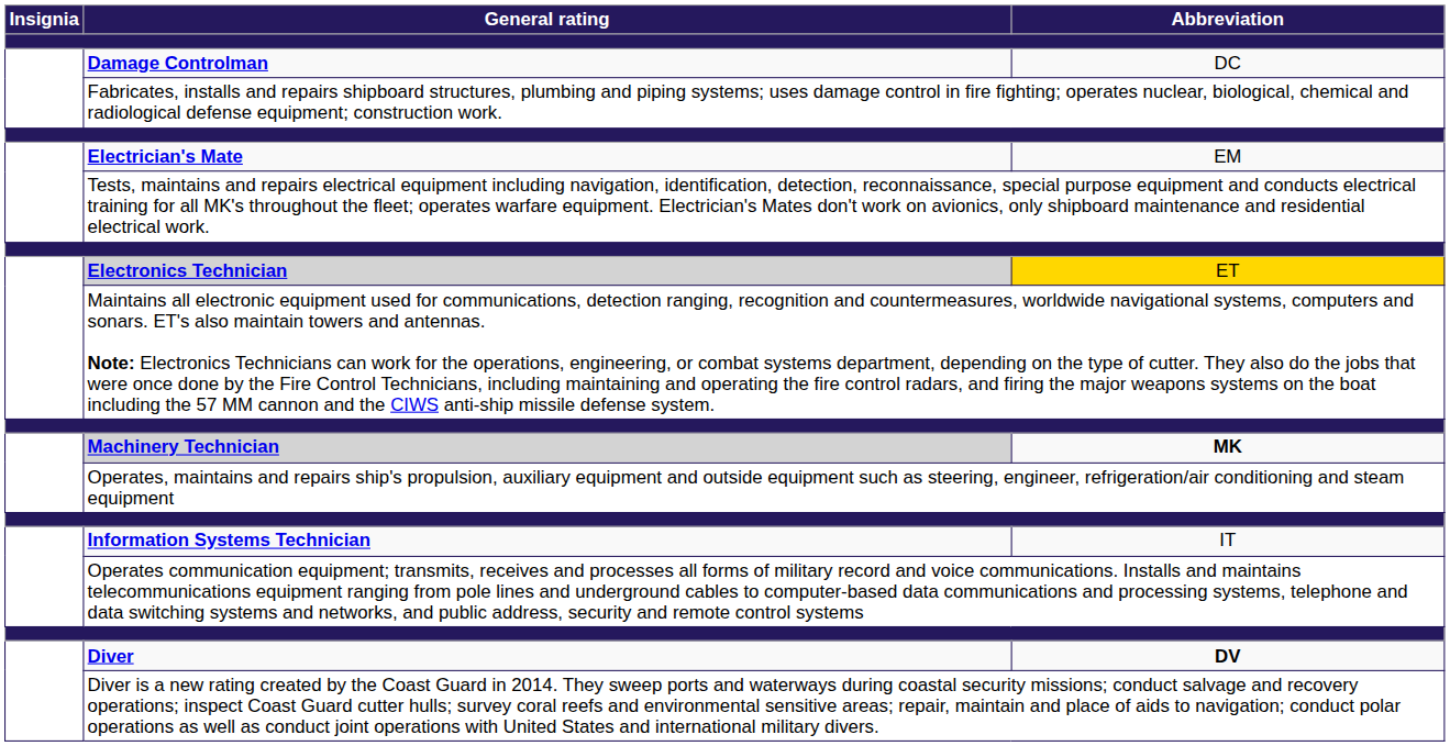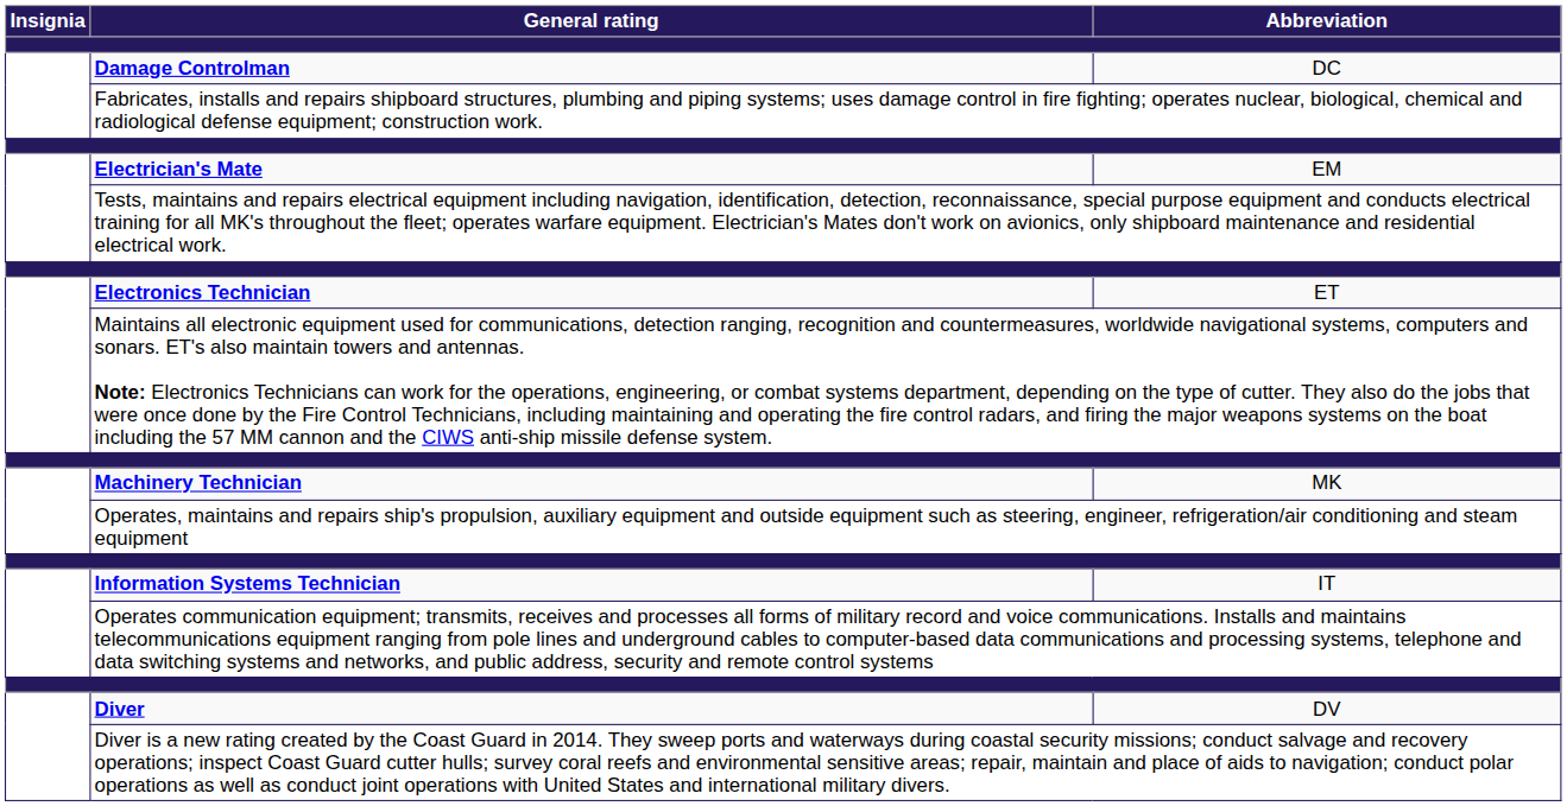 <table class="wikitable" style="border: 1px solid #25185d; ">
 <tr>
 <th style="background-color: #25185d; color: white">Insignia</th>
 <th style="background-color: #25185d; color: white">General rating</th>
 <th style="background-color: #25185d; color: white">Abbreviation</th>
 </tr>
 <tr>
 <td colspan="3" style="background:#25185d;" height=5px></td>
 </tr>
 <tr>
 <td style="border: 1px solid #25185d; background-color: #FFFFFF" rowspan="2"></td>
 <td style="border: 1px solid #25185d;"><strong><a href='#'>Damage Controlman</a></strong></td>
 <td style="border: 1px solid #25185d; text-align: center">DC</td>
 </tr>
 <tr style="border: 1px solid #25185d; background-color: #FFFFFF" |>
 <td style="border: 1px solid #25185d;" colspan="2" valign="top">Fabricates, installs and repairs shipboard structures, plumbing and piping systems; uses damage control in fire fighting; operates nuclear, biological, chemical and radiological defense equipment; construction work.</td>
 </tr>
 <tr>
 <td colspan="3" style="background:#25185d;" height=5px></td>
 </tr>
 <tr>
 <td style="border: 1px solid #25185d; background-color: #FFFFFF" rowspan="2"></td>
 <td style="border: 1px solid #25185d;"><strong><a href='#'>Electrician's Mate</a></strong></td>
 <td style="border: 1px solid #25185d; text-align: center">EM</td>
 </tr>
 <tr style="border: 1px solid #25185d; background-color: #FFFFFF" |>
 <td style="border: 1px solid #25185d;" colspan="2" valign="top">Tests, maintains and repairs electrical equipment including navigation, identification, detection, reconnaissance, special purpose equipment and conducts electrical training for all MK's throughout the fleet; operates warfare equipment. Electrician's Mates don't work on avionics, only shipboard maintenance and residential electrical work.<br></td>
 </tr>
 <tr>
 <td colspan="3" style="background:#25185d;" height=5px></td>
 </tr>
 <tr>
 <td style="border: 1px solid #25185d; background-color: #FFFFFF" rowspan="2"></td>
-<td style="background: lightgrey; border: 1px solid #25185d;"><strong><a href='#'>Electronics Technician</a></strong></td>
-<td style="background: gold; border: 1px solid #25185d; text-align: center">ET</td>
+<td style="border: 1px solid #25185d;"><strong><a href='#'>Electronics Technician</a></strong></td>
+<td style="border: 1px solid #25185d; text-align: center">ET</td>
 </tr>
 <tr style="border: 1px solid #25185d; background-color: #FFFFFF" |>
 <td style="border: 1px solid #25185d;" colspan="2" valign="top">Maintains all electronic equipment used for communications, detection ranging, recognition and countermeasures, worldwide navigational systems, computers and sonars. ET's also maintain towers and antennas.<br><br><strong>Note:</strong> Electronics Technicians can work for the operations, engineering, or combat systems department, depending on the type of cutter. They also do the jobs that were once done by the Fire Control Technicians, including maintaining and operating the fire control radars, and firing the major weapons systems on the boat including the 57 MM cannon and the <a href='#'>CIWS</a> anti-ship missile defense system.</td>
 </tr>
 <tr>
 <td colspan="3" style="background:#25185d;" height=5px></td>
 </tr>
 <tr>
 <td style="border: 1px solid #25185d; background-color: #FFFFFF" rowspan="2"></td>
-<td style="background: lightgrey; border: 1px solid #25185d;"><strong><a href='#'>Machinery Technician</a></strong></td>
-<td style="border: 1px solid #25185d; text-align: center"><strong>MK</strong></td>
+<td style="border: 1px solid #25185d;"><strong><a href='#'>Machinery Technician</a></strong></td>
+<td style="border: 1px solid #25185d; text-align: center">MK</td>
 </tr>
 <tr style="border: 1px solid #25185d; background-color: #FFFFFF" |>
 <td style="border: 1px solid #25185d;" colspan="2" valign="top">Operates, maintains and repairs ship's propulsion, auxiliary equipment and outside equipment such as steering, engineer, refrigeration/air conditioning and steam equipment</td>
 </tr>
 <tr>
 <td colspan="3" style="background:#25185d;" height=5px></td>
 </tr>
 <tr>
 <td style="border: 1px solid #25185d; background-color: #FFFFFF" rowspan="2"></td>
 <td style="border: 1px solid #25185d;"><strong><a href='#'>Information Systems Technician</a></strong></td>
 <td style="border: 1px solid #25185d; text-align: center">IT</td>
 </tr>
 <tr style="border: 1px solid #25185d; background-color: #FFFFFF" |>
 <td style="border: 1px solid #25185d;" colspan="2" valign="top">Operates communication equipment; transmits, receives and processes all forms of military record and voice communications. Installs and maintains telecommunications equipment ranging from pole lines and underground cables to computer-based data communications and processing systems, telephone and data switching systems and networks, and public address, security and remote control systems</td>
 </tr>
 <tr>
 <td colspan="3" style="background:#25185d;" height=5px></td>
 </tr>
 <tr>
 <td style="border: 1px solid #25185d; background-color: #FFFFFF" rowspan="2"></td>
 <td style="border: 1px solid #25185d;"><strong><a href='#'>Diver</a></strong></td>
-<td style="border: 1px solid #25185d; text-align: center"><strong>DV</strong></td>
+<td style="border: 1px solid #25185d; text-align: center">DV</td>
 </tr>
 <tr style="border: 1px solid #25185d; background-color: #FFFFFF" |>
 <td style="border: 1px solid #25185d;" colspan="2" valign="top">Diver is a new rating created by the Coast Guard in 2014. They sweep ports and waterways during coastal security missions; conduct salvage and recovery operations; inspect Coast Guard cutter hulls; survey coral reefs and environmental sensitive areas; repair, maintain and place of aids to navigation; conduct polar operations as well as conduct joint operations with United States and international military divers.</td>
 </tr>
 </table>
